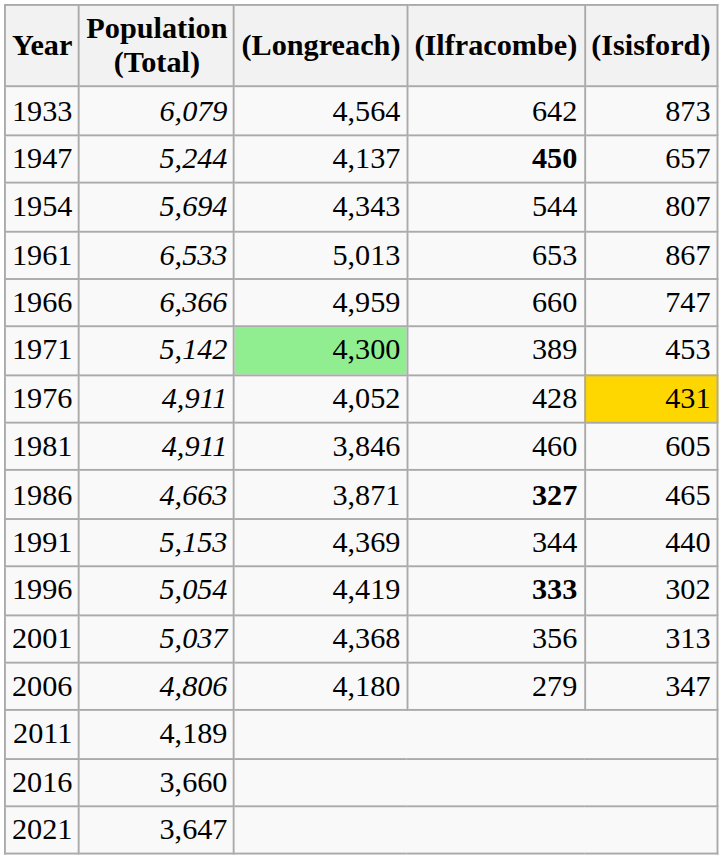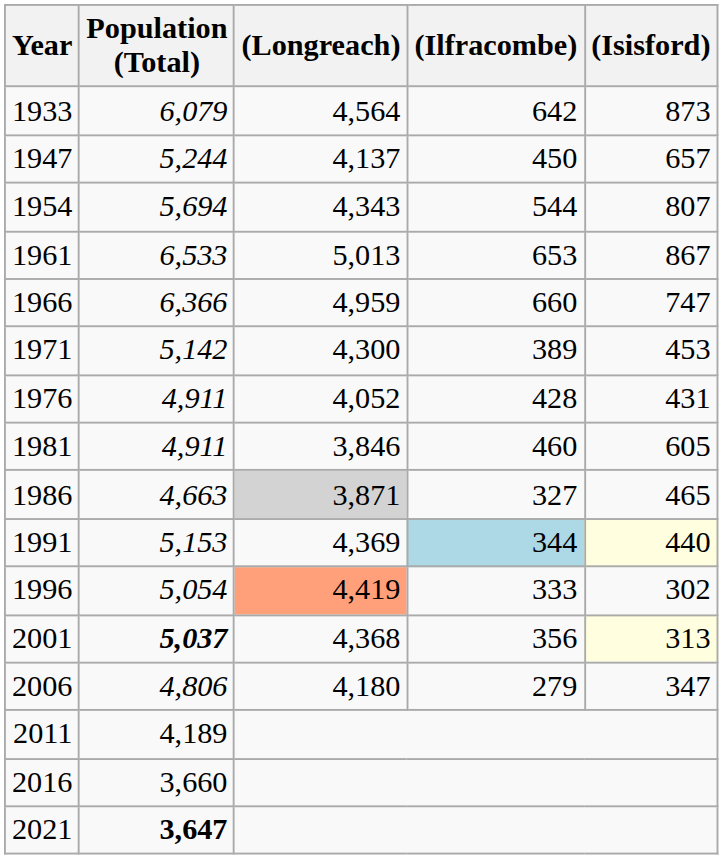 <table class="wikitable" style="text-align:right;">
 <tr>
 <th>Year</th>
 <th>Population<br>(Total)</th>
 <th>(Longreach)</th>
 <th>(Ilfracombe)</th>
 <th>(Isisford)</th>
 </tr>
 <tr>
 <td>1933</td>
 <td><em>6,079</em></td>
 <td>4,564</td>
 <td>642</td>
 <td>873</td>
 </tr>
 <tr>
 <td>1947</td>
 <td><em>5,244</em></td>
 <td>4,137</td>
-<td><strong>450</strong></td>
+<td>450</td>
 <td>657</td>
 </tr>
 <tr>
 <td>1954</td>
 <td><em>5,694</em></td>
 <td>4,343</td>
 <td>544</td>
 <td>807</td>
 </tr>
 <tr>
 <td>1961</td>
 <td><em>6,533</em></td>
 <td>5,013</td>
 <td>653</td>
 <td>867</td>
 </tr>
 <tr>
 <td>1966</td>
 <td><em>6,366</em></td>
 <td>4,959</td>
 <td>660</td>
 <td>747</td>
 </tr>
 <tr>
 <td>1971</td>
 <td><em>5,142</em></td>
-<td style="background: lightgreen;">4,300</td>
+<td>4,300</td>
 <td>389</td>
 <td>453</td>
 </tr>
 <tr>
 <td>1976</td>
 <td><em>4,911</em></td>
 <td>4,052</td>
 <td>428</td>
-<td style="background: gold;">431</td>
+<td>431</td>
 </tr>
 <tr>
 <td>1981</td>
 <td><em>4,911</em></td>
 <td>3,846</td>
 <td>460</td>
 <td>605</td>
 </tr>
 <tr>
 <td>1986</td>
 <td><em>4,663</em></td>
-<td>3,871</td>
-<td><strong>327</strong></td>
+<td style="background: lightgrey;">3,871</td>
+<td>327</td>
 <td>465</td>
 </tr>
 <tr>
 <td>1991</td>
 <td><em>5,153</em></td>
 <td>4,369</td>
-<td>344</td>
-<td>440</td>
+<td style="background: lightblue;">344</td>
+<td style="background: lightyellow;">440</td>
 </tr>
 <tr>
 <td>1996</td>
 <td><em>5,054</em></td>
-<td>4,419</td>
-<td><strong>333</strong></td>
+<td style="background: lightsalmon;">4,419</td>
+<td>333</td>
 <td>302</td>
 </tr>
 <tr>
 <td>2001</td>
-<td><em>5,037</em></td>
+<td><strong><em>5,037</em></strong></td>
 <td>4,368</td>
 <td>356</td>
-<td>313</td>
+<td style="background: lightyellow;">313</td>
 </tr>
 <tr>
 <td>2006</td>
 <td><em>4,806</em></td>
 <td>4,180</td>
 <td>279</td>
 <td>347</td>
 </tr>
 <tr>
 <td>2011</td>
 <td>4,189</td>
 <td colspan=3 style="text-align: left;"></td>
 </tr>
 <tr>
 <td>2016</td>
 <td>3,660</td>
 <td colspan=3 style="text-align: left;"></td>
 </tr>
 <tr>
 <td>2021</td>
-<td>3,647</td>
+<td><strong>3,647</strong></td>
 <td colspan=3 style="text-align: left;"></td>
 </tr>
 </table>
